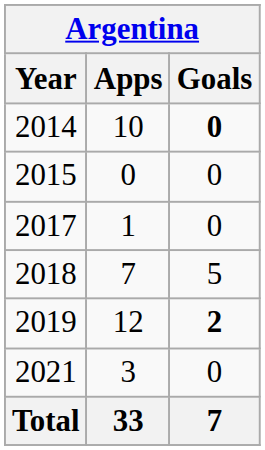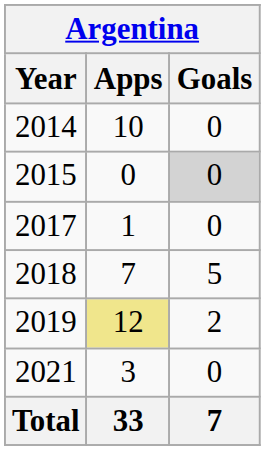 <table class="wikitable" style="text-align:center">
 <tr>
 <th colspan=3><a href='#'>Argentina</a></th>
 </tr>
 <tr>
 <th>Year</th>
 <th>Apps</th>
 <th>Goals</th>
 </tr>
 <tr>
 <td>2014</td>
 <td>10</td>
-<td><strong>0</strong></td>
+<td>0</td>
 </tr>
 <tr>
 <td>2015</td>
 <td>0</td>
-<td>0</td>
+<td style="background: lightgrey;">0</td>
 </tr>
 <tr>
 <td>2017</td>
 <td>1</td>
 <td>0</td>
 </tr>
 <tr>
 <td>2018</td>
 <td>7</td>
 <td>5</td>
 </tr>
 <tr>
 <td>2019</td>
-<td>12</td>
-<td><strong>2</strong></td>
+<td style="background: khaki;">12</td>
+<td>2</td>
 </tr>
 <tr>
 <td>2021</td>
 <td>3</td>
 <td>0</td>
 </tr>
 <tr>
 <th>Total</th>
 <th>33</th>
 <th>7</th>
 </tr>
 </table>
